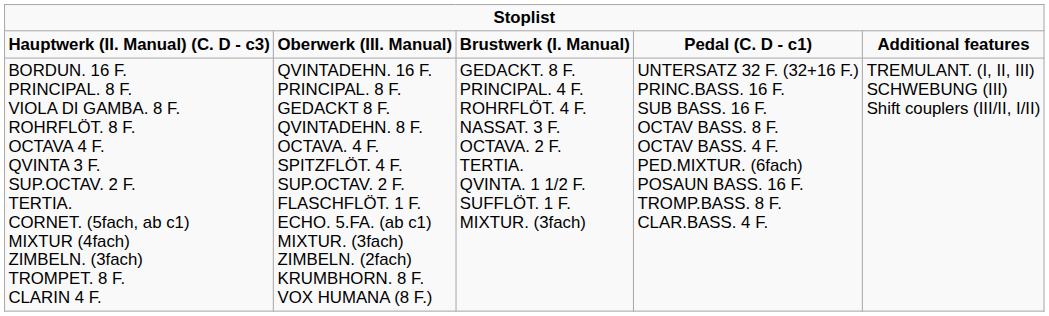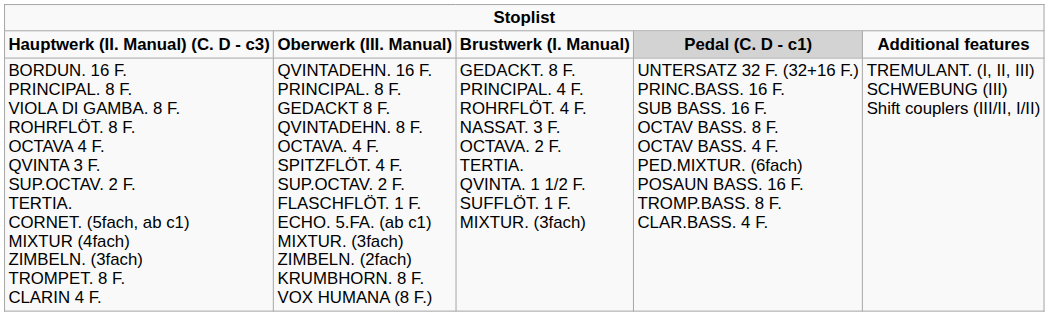 <table class="wikitable" style="text-align: center;">
 <tr>
 <td colspan="5"><strong>Stoplist</strong></td>
 </tr>
 <tr>
 <td><strong>Hauptwerk (II. Manual) (C. D - c3)</strong></td>
 <td><strong>Oberwerk (III. Manual)</strong></td>
 <td><strong>Brustwerk (I. Manual)</strong></td>
-<td><strong>Pedal (C. D - c1)</strong></td>
+<td style="background: lightgrey;"><strong>Pedal (C. D - c1)</strong></td>
 <td><strong>Additional features</strong></td>
 </tr>
 <tr style="vertical-align: top; text-align: left;">
 <td>BORDUN. 16 F.<br>PRINCIPAL. 8 F.<br>VIOLA DI GAMBA. 8 F.<br>ROHRFLÖT. 8 F.<br>OCTAVA 4 F.<br>QVINTA 3 F.<br>SUP.OCTAV. 2 F.<br>TERTIA.<br>CORNET. (5fach, ab c1)<br>MIXTUR (4fach)<br>ZIMBELN. (3fach)<br>TROMPET. 8 F.<br>CLARIN 4 F.</td>
 <td>QVINTADEHN. 16 F.<br>PRINCIPAL. 8 F.<br>GEDACKT 8 F.<br>QVINTADEHN. 8 F.<br>OCTAVA. 4 F.<br>SPITZFLÖT. 4 F.<br>SUP.OCTAV. 2 F.<br>FLASCHFLÖT. 1 F.<br>ECHO. 5.FA. (ab c1)<br>MIXTUR. (3fach)<br>ZIMBELN. (2fach)<br>KRUMBHORN. 8 F.<br>VOX HUMANA (8 F.)</td>
 <td>GEDACKT. 8 F.<br>PRINCIPAL. 4 F.<br>ROHRFLÖT. 4 F.<br>NASSAT. 3 F.<br>OCTAVA. 2 F.<br>TERTIA.<br>QVINTA. 1 1/2 F.<br>SUFFLÖT. 1 F.<br>MIXTUR. (3fach)</td>
 <td>UNTERSATZ 32 F. (32+16 F.)<br>PRINC.BASS. 16 F.<br>SUB BASS. 16 F.<br>OCTAV BASS. 8 F.<br>OCTAV BASS. 4 F.<br>PED.MIXTUR. (6fach)<br>POSAUN BASS. 16 F.<br>TROMP.BASS. 8 F.<br>CLAR.BASS. 4 F.</td>
 <td>TREMULANT. (I, II, III)<br>SCHWEBUNG (III)<br>Shift couplers (III/II, I/II)</td>
 </tr>
 </table>
